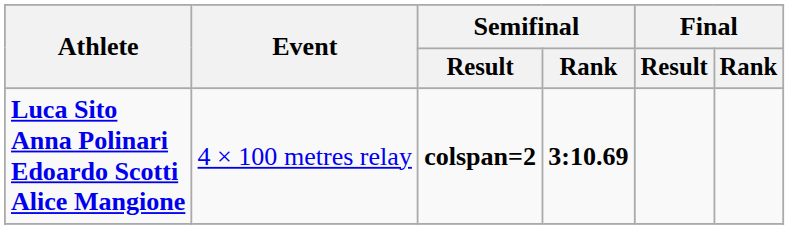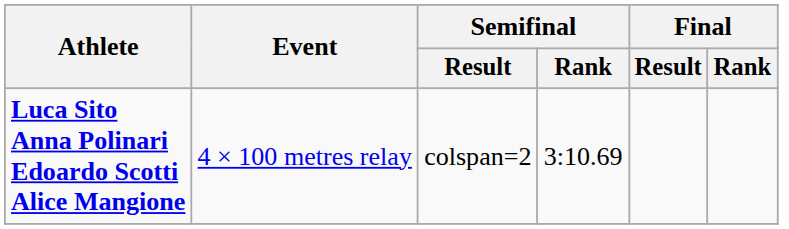 <table class=wikitable style=font-size:90%>
 <tr>
 <th rowspan=2>Athlete</th>
 <th rowspan=2>Event</th>
 <th colspan=2>Semifinal</th>
 <th colspan=2>Final</th>
 </tr>
 <tr style=font-size:95%>
 <th>Result</th>
 <th>Rank</th>
 <th>Result</th>
 <th>Rank</th>
 </tr>
 <tr align=center>
 <td align=left><strong><a href='#'>Luca Sito</a></strong><br><strong><a href='#'>Anna Polinari</a></strong><br><strong><a href='#'>Edoardo Scotti</a></strong><br><strong><a href='#'>Alice Mangione</a></strong></td>
 <td align=left><a href='#'>4 × 100 metres relay</a></td>
-<td><strong>colspan=2</strong></td>
-<td><strong>3:10.69<br></strong></td>
+<td>colspan=2</td>
+<td>3:10.69<br></td>
 <td></td>
 </tr>
 </table>
